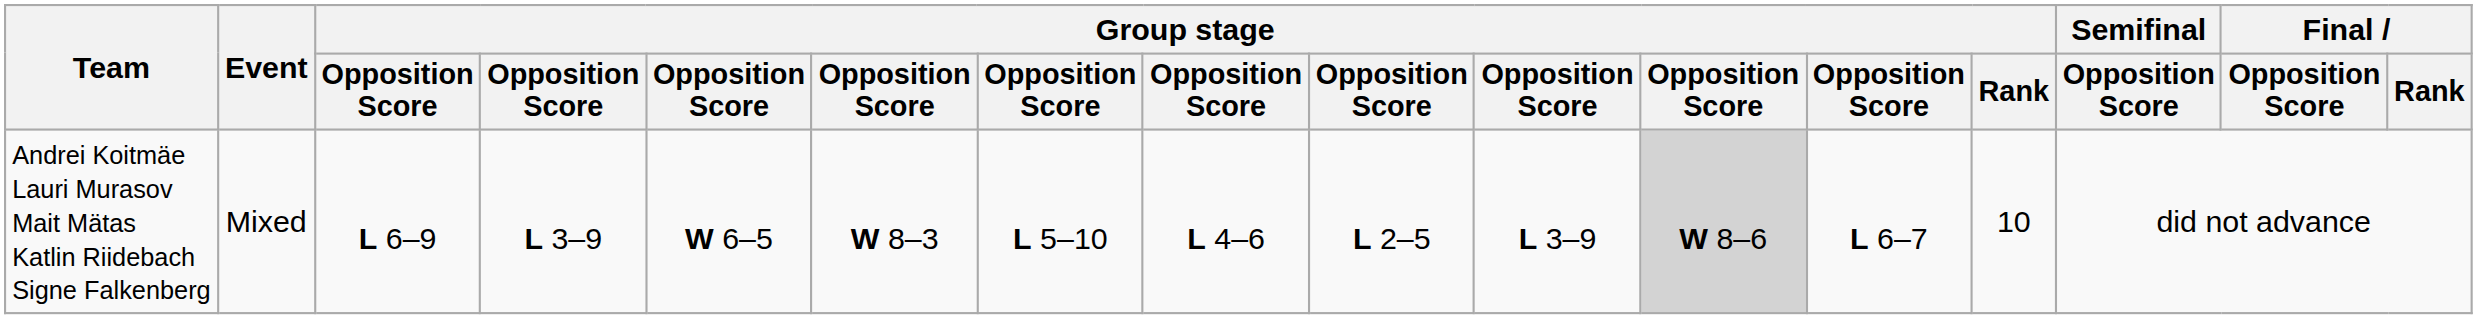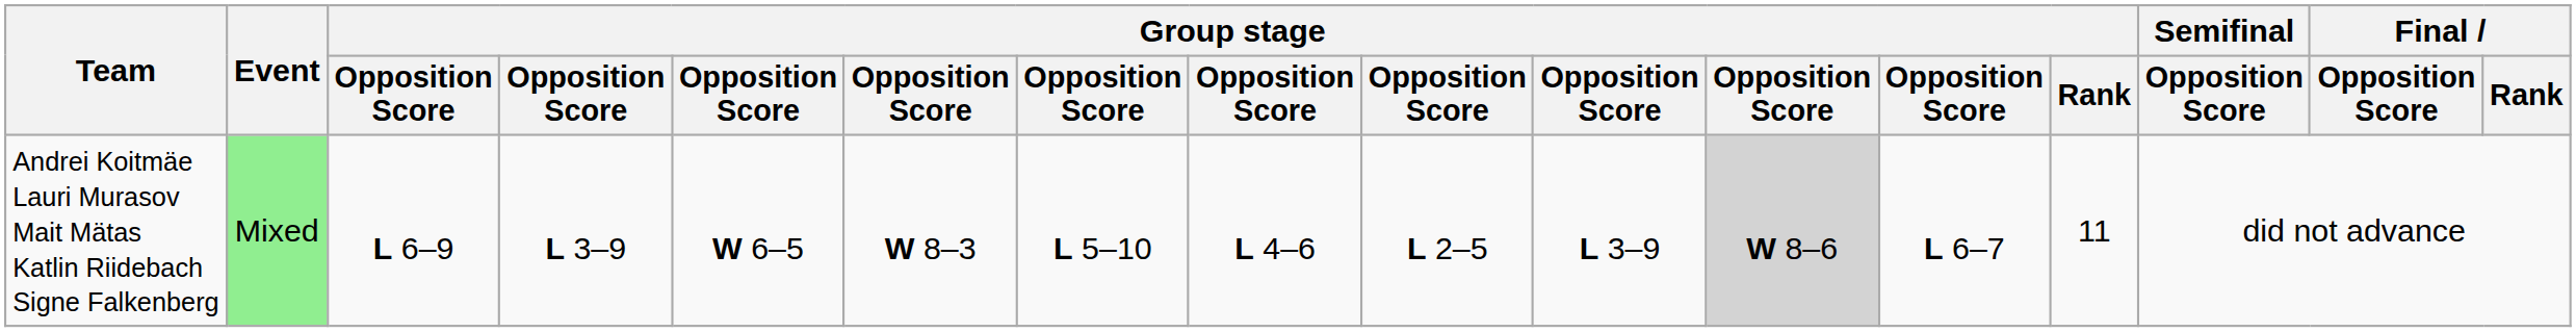 <table class=wikitable style="font-size:90%">
 <tr>
 <th rowspan=2>Team</th>
 <th rowspan=2>Event</th>
 <th colspan=11>Group stage</th>
 <th>Semifinal</th>
 <th colspan=2>Final / </th>
 </tr>
 <tr style="font-size:95%">
 <th>Opposition<br>Score</th>
 <th>Opposition<br>Score</th>
 <th>Opposition<br>Score</th>
 <th>Opposition<br>Score</th>
 <th>Opposition<br>Score</th>
 <th>Opposition<br>Score</th>
 <th>Opposition<br>Score</th>
 <th>Opposition<br>Score</th>
 <th>Opposition<br>Score</th>
 <th>Opposition<br>Score</th>
 <th>Rank</th>
 <th>Opposition<br>Score</th>
 <th>Opposition<br>Score</th>
 <th>Rank</th>
 </tr>
 <tr align="center">
 <td align="left"><small>Andrei Koitmäe<br>Lauri Murasov<br>Mait Mätas<br>Katlin Riidebach<br>Signe Falkenberg</small></td>
-<td>Mixed</td>
+<td style="background: lightgreen;">Mixed</td>
 <td><br><strong>L</strong> 6–9</td>
 <td><br><strong>L</strong> 3–9</td>
 <td><br><strong>W</strong> 6–5</td>
 <td><br><strong>W</strong> 8–3</td>
 <td><br><strong>L</strong> 5–10</td>
 <td><br><strong>L</strong> 4–6</td>
 <td><br><strong>L</strong> 2–5</td>
 <td><br><strong>L</strong> 3–9</td>
 <td style="background: lightgrey;"><br><strong>W</strong> 8–6</td>
 <td><br><strong>L</strong> 6–7</td>
-<td>10</td>
+<td>11</td>
 <td colspan=3>did not advance</td>
 </tr>
 </table>
